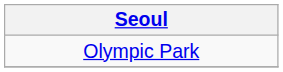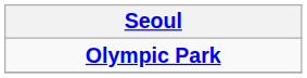 <table class="wikitable" style="text-align:center" width=225>
 <tr>
 <th> <strong><a href='#'>Seoul</a></strong></th>
 </tr>
 <tr>
-<td><a href='#'>Olympic Park</a></td>
+<td><strong><a href='#'>Olympic Park</a></strong></td>
 </tr>
 <tr>
 </tr>
 </table>
